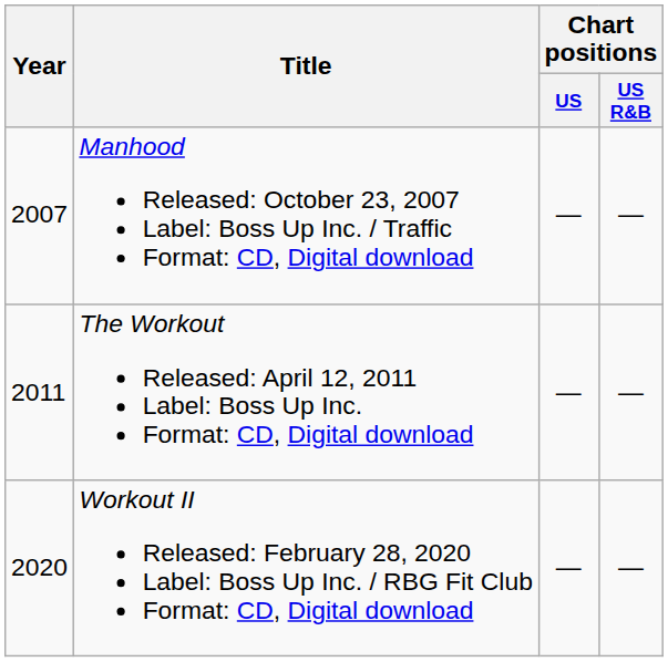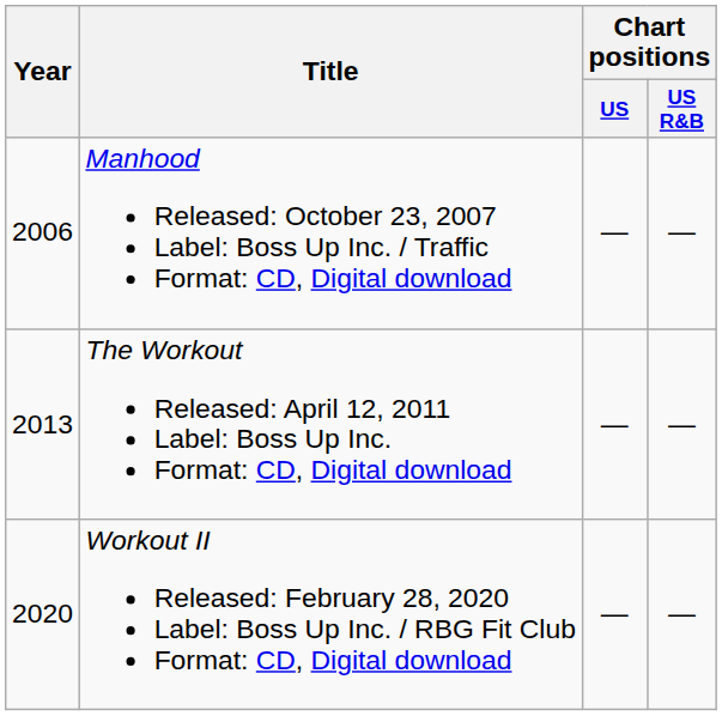 <table class="wikitable">
 <tr>
 <th rowspan="2">Year</th>
 <th rowspan="2">Title</th>
 <th colspan="2">Chart positions</th>
 </tr>
 <tr>
 <th style="width:2em;font-size:75%"><a href='#'>US</a></th>
 <th style="width:2em;font-size:75%"><a href='#'>US R&B</a></th>
 </tr>
 <tr>
-<td rowspan="1">2007</td>
+<td rowspan="1">2006</td>
 <td><em><a href='#'>Manhood</a></em><br><ul><li>Released: October 23, 2007</li><li>Label: Boss Up Inc. / Traffic</li><li>Format: <a href='#'>CD</a>, <a href='#'>Digital download</a></li></ul></td>
 <td align="center">—</td>
 <td align="center">—</td>
 </tr>
 <tr>
-<td>2011</td>
+<td>2013</td>
 <td><em>The Workout</em><br><ul><li>Released: April 12, 2011</li><li>Label: Boss Up Inc.</li><li>Format: <a href='#'>CD</a>, <a href='#'>Digital download</a></li></ul></td>
 <td align="center">—</td>
 <td align="center">—</td>
 </tr>
 <tr>
 <td>2020</td>
 <td><em>Workout II</em><br><ul><li>Released: February 28, 2020</li><li>Label: Boss Up Inc. / RBG Fit Club</li><li>Format: <a href='#'>CD</a>, <a href='#'>Digital download</a></li></ul></td>
 <td align="center">—</td>
 <td align="center">—</td>
 </tr>
 </table>
